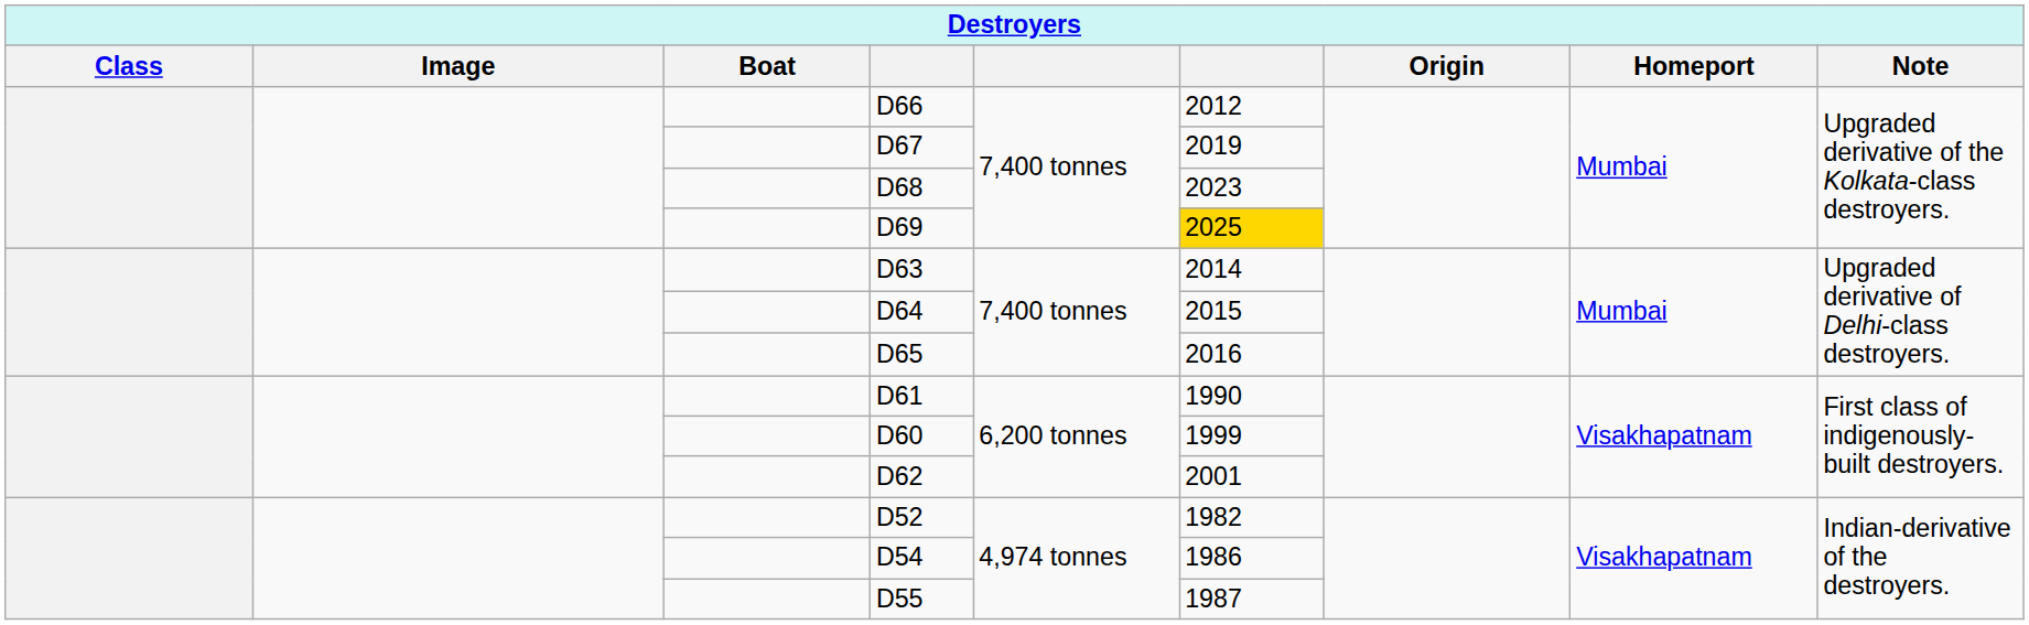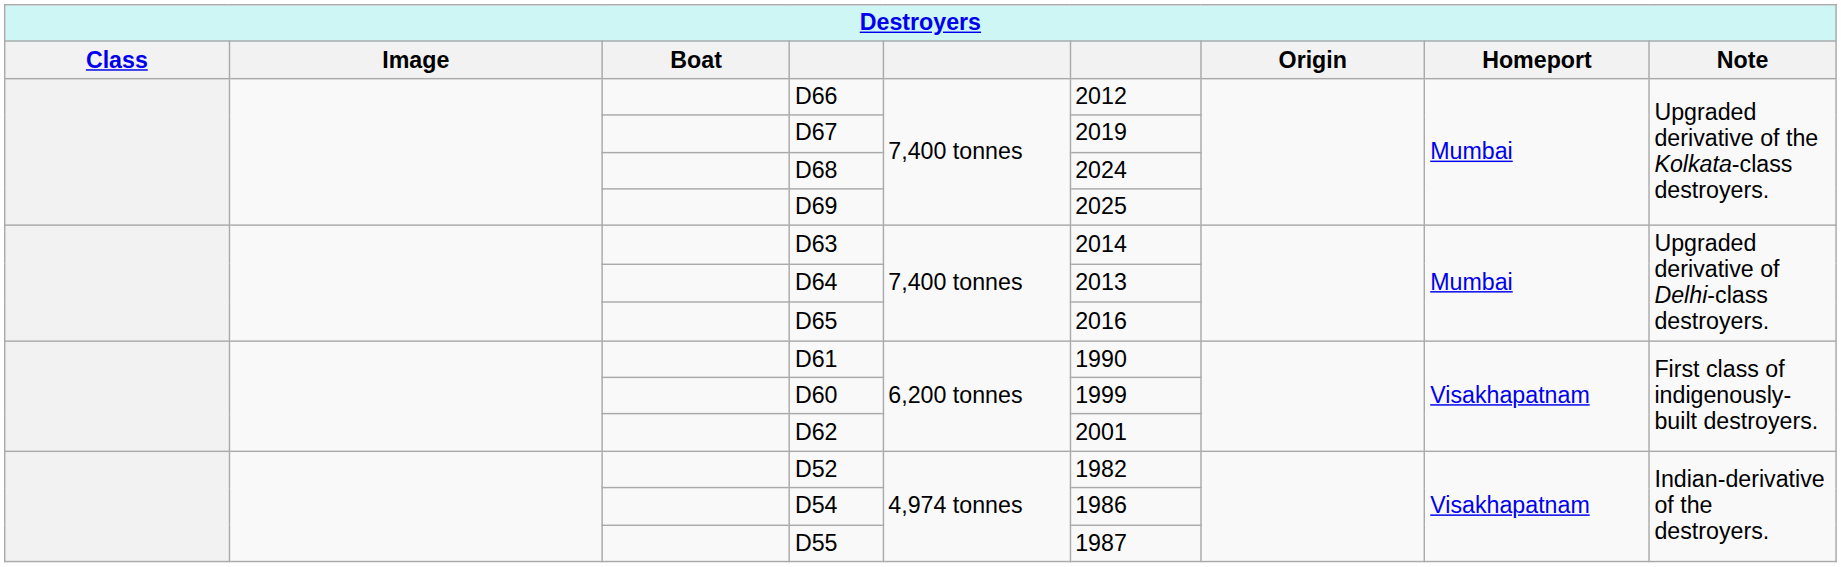 <table class="wikitable" style="margin:auto; width:100%;">
 <tr>
 <th colspan="9" style="align: center; background: #CEF6F5;"><a href='#'>Destroyers</a></th>
 </tr>
 <tr>
 <th style="text-align:center; width:12%;"><a href='#'>Class</a></th>
 <th style="text-align:center; width:20%;">Image</th>
 <th style="text-align:center; width:10%;">Boat</th>
 <th style="text-align:center; width:5%;"></th>
 <th style="text-align:center; width:10%;"></th>
 <th style="text-align:center; width:7%;"></th>
 <th style="text-align:center; width:12%;">Origin</th>
 <th style="text-align:center; width:12%;">Homeport</th>
 <th style="text-align:center; width:10%;">Note</th>
 </tr>
 <tr>
 <th rowspan="4"></th>
 <td rowspan="4"></td>
 <td></td>
 <td>D66</td>
 <td rowspan="4">7,400 tonnes</td>
 <td>2012</td>
 <td rowspan="4"></td>
 <td rowspan="4"><a href='#'>Mumbai</a></td>
 <td rowspan="4">Upgraded derivative of the <em>Kolkata</em>-class destroyers.</td>
 </tr>
 <tr>
 <td></td>
 <td>D67</td>
 <td>2019</td>
 </tr>
 <tr>
 <td></td>
 <td>D68</td>
-<td>2023</td>
+<td>2024</td>
 </tr>
 <tr>
 <td></td>
 <td>D69</td>
-<td style="background: gold;">2025</td>
+<td>2025</td>
 </tr>
 <tr>
 <th rowspan="3"></th>
 <td rowspan="3"></td>
 <td></td>
 <td>D63</td>
 <td rowspan="3">7,400 tonnes</td>
 <td>2014</td>
 <td rowspan="3"></td>
 <td rowspan="3"><a href='#'>Mumbai</a></td>
 <td rowspan="3">Upgraded derivative of <em>Delhi</em>-class destroyers.</td>
 </tr>
 <tr>
 <td></td>
 <td>D64</td>
-<td>2015</td>
+<td>2013</td>
 </tr>
 <tr>
 <td></td>
 <td>D65</td>
 <td>2016</td>
 </tr>
 <tr>
 <th rowspan="3"></th>
 <td rowspan="3"></td>
 <td></td>
 <td>D61</td>
 <td rowspan="3">6,200 tonnes</td>
 <td>1990</td>
 <td rowspan="3"></td>
 <td rowspan="3"><a href='#'>Visakhapatnam</a></td>
 <td rowspan="3">First class of indigenously-built destroyers.</td>
 </tr>
 <tr>
 <td></td>
 <td>D60</td>
 <td>1999</td>
 </tr>
 <tr>
 <td></td>
 <td>D62</td>
 <td>2001</td>
 </tr>
 <tr>
 <th rowspan="3"></th>
 <td rowspan="3"></td>
 <td></td>
 <td>D52</td>
 <td rowspan="3">4,974 tonnes</td>
 <td>1982</td>
 <td rowspan="3"></td>
 <td rowspan="3"><a href='#'>Visakhapatnam</a></td>
 <td rowspan="3">Indian-derivative of the  destroyers.</td>
 </tr>
 <tr>
 <td></td>
 <td>D54</td>
 <td>1986</td>
 </tr>
 <tr>
 <td></td>
 <td>D55</td>
 <td>1987</td>
 </tr>
 </table>
